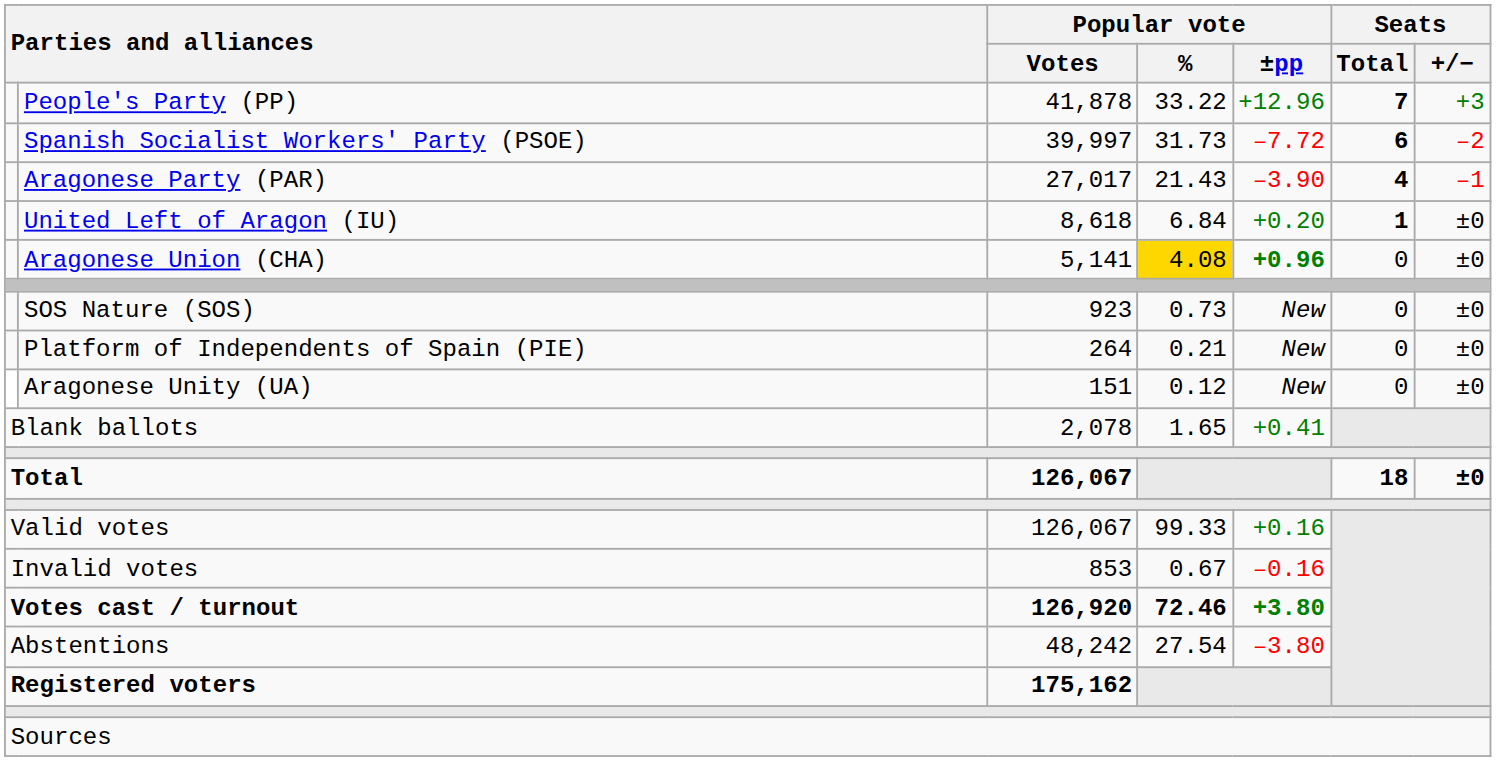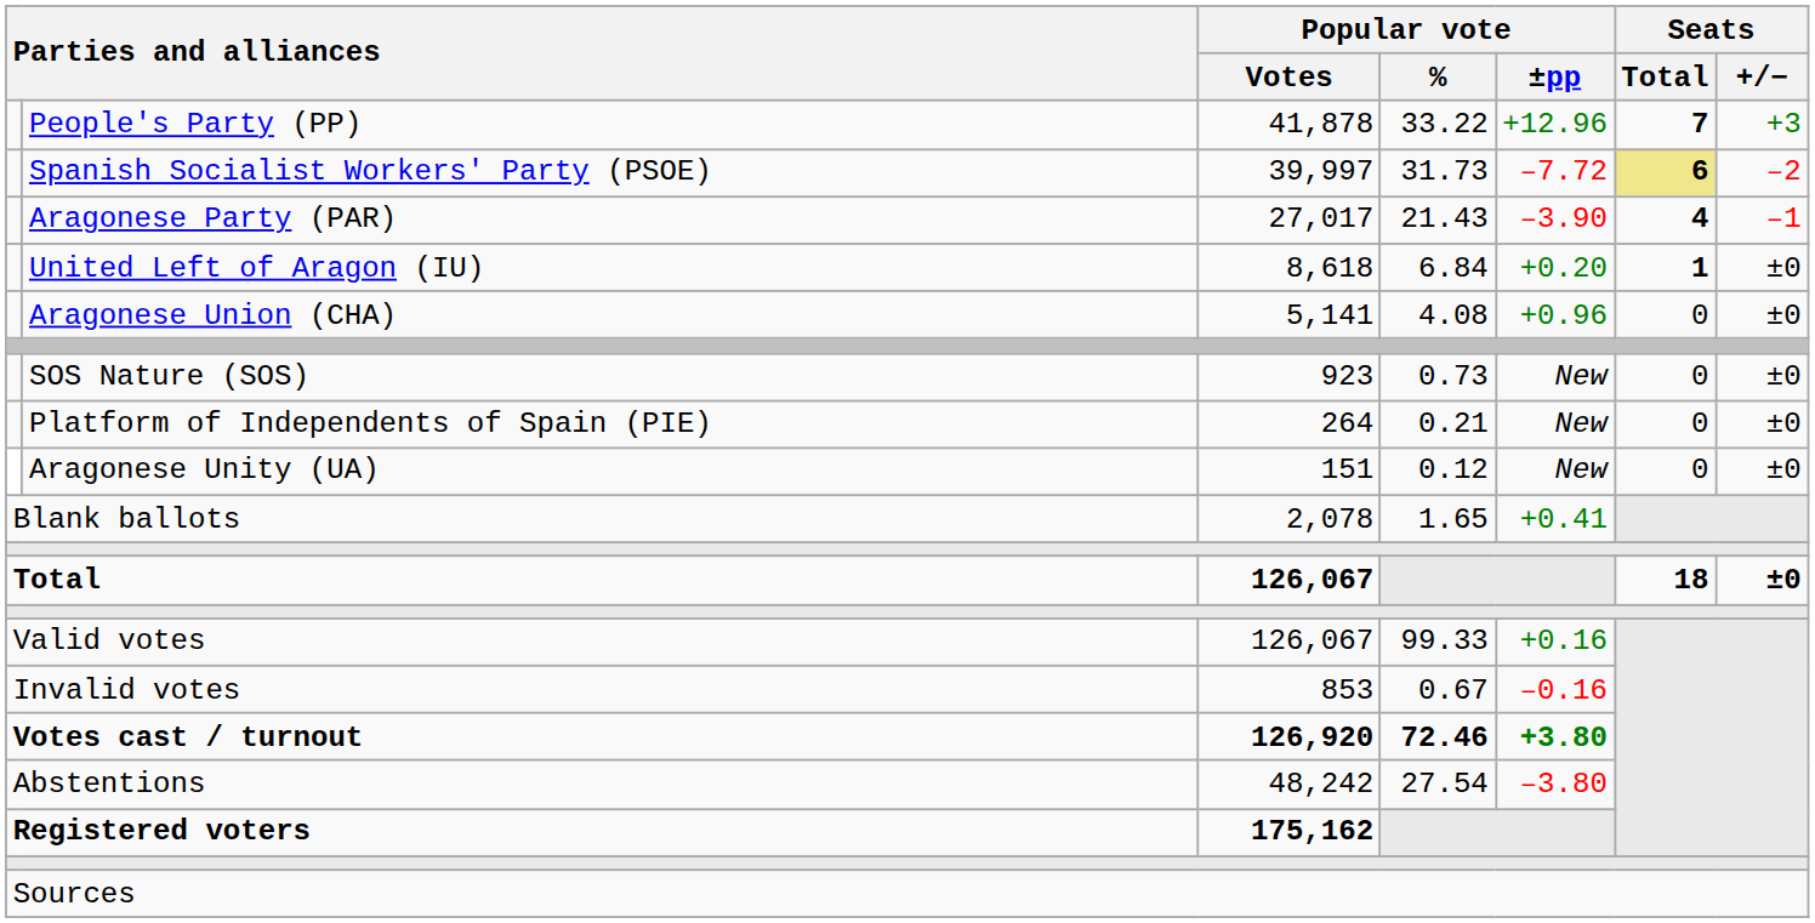 <table class="wikitable" style="text-align:right;">
 <tr>
 <th style="text-align:left;" rowspan="2" colspan="2" width="525">Parties and alliances</th>
 <th colspan="3">Popular vote</th>
 <th colspan="2">Seats</th>
 </tr>
 <tr>
 <th width="75">Votes</th>
 <th width="45">%</th>
 <th width="45">±<a href='#'>pp</a></th>
 <th width="35">Total</th>
 <th width="35">+/−</th>
 </tr>
 <tr>
 <td width="1" style="color:inherit;background:"></td>
 <td align="left"><a href='#'>People's Party</a> (PP)</td>
 <td>41,878</td>
 <td>33.22</td>
 <td style="color:green;">+12.96</td>
 <td><strong>7</strong></td>
 <td style="color:green;">+3</td>
 </tr>
 <tr>
 <td style="color:inherit;background:"></td>
 <td align="left"><a href='#'>Spanish Socialist Workers' Party</a> (PSOE)</td>
 <td>39,997</td>
 <td>31.73</td>
 <td style="color:red;">–7.72</td>
-<td><strong>6</strong></td>
+<td style="background: khaki;"><strong>6</strong></td>
 <td style="color:red;">–2</td>
 </tr>
 <tr>
 <td style="color:inherit;background:"></td>
 <td align="left"><a href='#'>Aragonese Party</a> (PAR)</td>
 <td>27,017</td>
 <td>21.43</td>
 <td style="color:red;">–3.90</td>
 <td><strong>4</strong></td>
 <td style="color:red;">–1</td>
 </tr>
 <tr>
 <td style="color:inherit;background:"></td>
 <td align="left"><a href='#'>United Left of Aragon</a> (IU)</td>
 <td>8,618</td>
 <td>6.84</td>
 <td style="color:green;">+0.20</td>
 <td><strong>1</strong></td>
 <td>±0</td>
 </tr>
 <tr>
 <td style="color:inherit;background:"></td>
 <td align="left"><a href='#'>Aragonese Union</a> (CHA)</td>
 <td>5,141</td>
-<td style="background: gold;">4.08</td>
-<td style="color:green;"><strong>+0.96</strong></td>
+<td>4.08</td>
+<td style="color:green;">+0.96</td>
 <td>0</td>
 <td>±0</td>
 </tr>
 <tr>
 <td colspan="7" bgcolor="#C0C0C0"></td>
 </tr>
 <tr>
 <td style="color:inherit;background:"></td>
 <td align="left">SOS Nature (SOS)</td>
 <td>923</td>
 <td>0.73</td>
 <td><em>New</em></td>
 <td>0</td>
 <td>±0</td>
 </tr>
 <tr>
 <td style="color:inherit;background:"></td>
 <td align="left">Platform of Independents of Spain (PIE)</td>
 <td>264</td>
 <td>0.21</td>
 <td><em>New</em></td>
 <td>0</td>
 <td>±0</td>
 </tr>
 <tr>
 <td bgcolor="white"></td>
 <td align="left">Aragonese Unity (UA)</td>
 <td>151</td>
 <td>0.12</td>
 <td><em>New</em></td>
 <td>0</td>
 <td>±0</td>
 </tr>
 <tr>
 <td align="left" colspan="2">Blank ballots</td>
 <td>2,078</td>
 <td>1.65</td>
 <td style="color:green;">+0.41</td>
 <td bgcolor="#E9E9E9" colspan="2"></td>
 </tr>
 <tr>
 <td colspan="7" bgcolor="#E9E9E9"></td>
 </tr>
 <tr style="font-weight:bold;">
 <td align="left" colspan="2">Total</td>
 <td>126,067</td>
 <td bgcolor="#E9E9E9" colspan="2"></td>
 <td>18</td>
 <td>±0</td>
 </tr>
 <tr>
 <td colspan="7" bgcolor="#E9E9E9"></td>
 </tr>
 <tr>
 <td align="left" colspan="2">Valid votes</td>
 <td>126,067</td>
 <td>99.33</td>
 <td style="color:green;">+0.16</td>
 <td bgcolor="#E9E9E9" colspan="2" rowspan="5"></td>
 </tr>
 <tr>
 <td align="left" colspan="2">Invalid votes</td>
 <td>853</td>
 <td>0.67</td>
 <td style="color:red;">–0.16</td>
 </tr>
 <tr style="font-weight:bold;">
 <td align="left" colspan="2">Votes cast / turnout</td>
 <td>126,920</td>
 <td>72.46</td>
 <td style="color:green;">+3.80</td>
 </tr>
 <tr>
 <td align="left" colspan="2">Abstentions</td>
 <td>48,242</td>
 <td>27.54</td>
 <td style="color:red;">–3.80</td>
 </tr>
 <tr style="font-weight:bold;">
 <td align="left" colspan="2">Registered voters</td>
 <td>175,162</td>
 <td bgcolor="#E9E9E9" colspan="2"></td>
 </tr>
 <tr>
 <td colspan="7" bgcolor="#E9E9E9"></td>
 </tr>
 <tr>
 <td align="left" colspan="7">Sources</td>
 </tr>
 </table>
